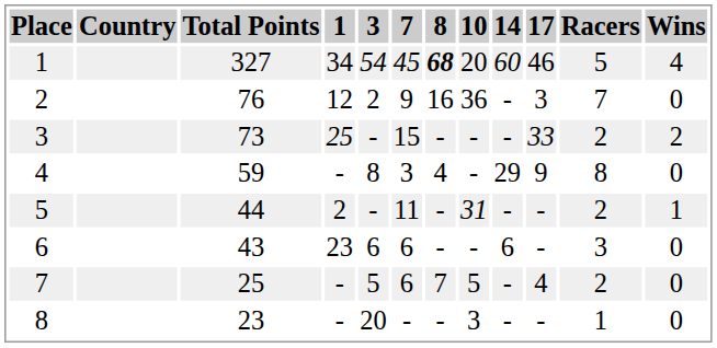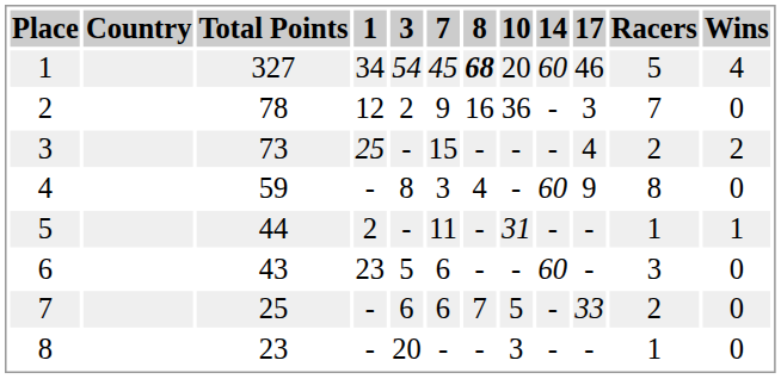 <table border="0" style="border: 1px solid #999; background-color:#FFFFFF; text-align:center">
 <tr align="center" bgcolor="#CCCCCC">
 <th>Place</th>
 <th>Country</th>
 <th>Total Points</th>
 <th>1</th>
 <th>3</th>
 <th>7</th>
 <th>8</th>
 <th>10</th>
 <th>14</th>
 <th>17</th>
 <th>Racers</th>
 <th>Wins</th>
 </tr>
 <tr bgcolor="#EFEFEF">
 <td>1</td>
 <td align="left"></td>
 <td>327</td>
 <td>34</td>
 <td><em>54</em></td>
 <td><em>45</em></td>
 <td><strong><em>68</em></strong></td>
 <td>20</td>
 <td><em>60</em></td>
 <td>46</td>
 <td>5</td>
 <td>4</td>
 </tr>
 <tr>
 <td>2</td>
 <td align="left"></td>
-<td>76</td>
+<td>78</td>
 <td>12</td>
 <td>2</td>
 <td>9</td>
 <td>16</td>
 <td>36</td>
 <td>-</td>
 <td>3</td>
 <td>7</td>
 <td>0</td>
 </tr>
 <tr bgcolor="#EFEFEF">
 <td>3</td>
 <td align="left"></td>
 <td>73</td>
 <td><em>25</em></td>
 <td>-</td>
 <td>15</td>
 <td>-</td>
 <td>-</td>
 <td>-</td>
-<td><em>33</em></td>
+<td>4</td>
 <td>2</td>
 <td>2</td>
 </tr>
 <tr>
 <td>4</td>
 <td align="left"></td>
 <td>59</td>
 <td>-</td>
 <td>8</td>
 <td>3</td>
 <td>4</td>
 <td>-</td>
-<td>29</td>
+<td><em>60</em></td>
 <td>9</td>
 <td>8</td>
 <td>0</td>
 </tr>
 <tr bgcolor="#EFEFEF">
 <td>5</td>
 <td align="left"></td>
 <td>44</td>
 <td>2</td>
 <td>-</td>
 <td>11</td>
 <td>-</td>
 <td><em>31</em></td>
 <td>-</td>
 <td>-</td>
-<td>2</td>
+<td>1</td>
 <td>1</td>
 </tr>
 <tr>
 <td>6</td>
 <td align="left"></td>
 <td>43</td>
 <td>23</td>
-<td>6</td>
+<td>5</td>
 <td>6</td>
 <td>-</td>
 <td>-</td>
-<td>6</td>
+<td><em>60</em></td>
 <td>-</td>
 <td>3</td>
 <td>0</td>
 </tr>
 <tr bgcolor="#EFEFEF">
 <td>7</td>
 <td align="left"></td>
 <td>25</td>
 <td>-</td>
-<td>5</td>
+<td>6</td>
 <td>6</td>
 <td>7</td>
 <td>5</td>
 <td>-</td>
-<td>4</td>
+<td><em>33</em></td>
 <td>2</td>
 <td>0</td>
 </tr>
 <tr>
 <td>8</td>
 <td align="left"></td>
 <td>23</td>
 <td>-</td>
 <td>20</td>
 <td>-</td>
 <td>-</td>
 <td>3</td>
 <td>-</td>
 <td>-</td>
 <td>1</td>
 <td>0</td>
 </tr>
 </table>
